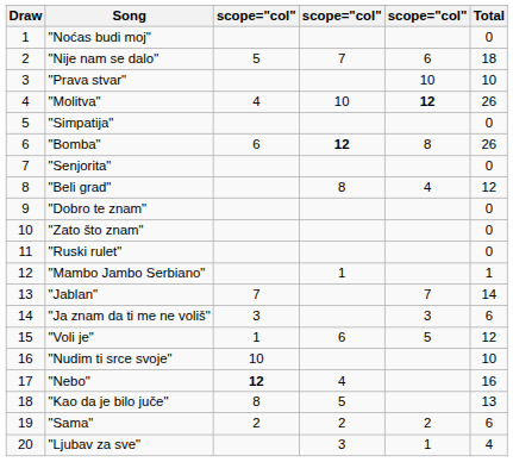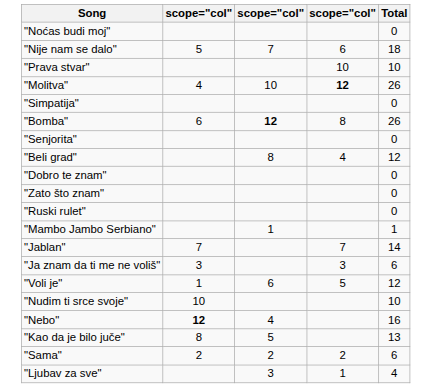 <table class="wikitable collapsible" style="margin: 1em auto 1em auto; text-align:center;">
 <tr>
-<th>Draw</th>
 <th>Song</th>
 <th>scope="col" </th>
 <th>scope="col" </th>
 <th>scope="col" </th>
 <th>Total</th>
 </tr>
 <tr>
-<td>1</td>
 <td align="left">"Noćas budi moj"</td>
 <td></td>
 <td></td>
 <td></td>
 <td>0</td>
 </tr>
 <tr>
-<td>2</td>
 <td align="left">"Nije nam se dalo"</td>
 <td>5</td>
 <td>7</td>
 <td>6</td>
 <td>18</td>
 </tr>
 <tr>
-<td>3</td>
 <td align="left">"Prava stvar"</td>
 <td></td>
 <td></td>
 <td>10</td>
 <td>10</td>
 </tr>
 <tr>
-<td>4</td>
 <td align="left">"Molitva"</td>
 <td>4</td>
 <td>10</td>
 <td><strong>12</strong></td>
 <td>26</td>
 </tr>
 <tr>
-<td>5</td>
 <td align="left">"Simpatija"</td>
 <td></td>
 <td></td>
 <td></td>
 <td>0</td>
 </tr>
 <tr>
-<td>6</td>
 <td align="left">"Bomba"</td>
 <td>6</td>
 <td><strong>12</strong></td>
 <td>8</td>
 <td>26</td>
 </tr>
 <tr>
-<td>7</td>
 <td align="left">"Senjorita"</td>
 <td></td>
 <td></td>
 <td></td>
 <td>0</td>
 </tr>
 <tr>
-<td>8</td>
 <td align="left">"Beli grad"</td>
 <td></td>
 <td>8</td>
 <td>4</td>
 <td>12</td>
 </tr>
 <tr>
-<td>9</td>
 <td align="left">"Dobro te znam"</td>
 <td></td>
 <td></td>
 <td></td>
 <td>0</td>
 </tr>
 <tr>
-<td>10</td>
 <td align="left">"Zato što znam"</td>
 <td></td>
 <td></td>
 <td></td>
 <td>0</td>
 </tr>
 <tr>
-<td>11</td>
 <td align="left">"Ruski rulet"</td>
 <td></td>
 <td></td>
 <td></td>
 <td>0</td>
 </tr>
 <tr>
-<td>12</td>
 <td align="left">"Mambo Jambo Serbiano"</td>
 <td></td>
 <td>1</td>
 <td></td>
 <td>1</td>
 </tr>
 <tr>
-<td>13</td>
 <td align="left">"Jablan"</td>
 <td>7</td>
 <td></td>
 <td>7</td>
 <td>14</td>
 </tr>
 <tr>
-<td>14</td>
 <td align="left">"Ja znam da ti me ne voliš"</td>
 <td>3</td>
 <td></td>
 <td>3</td>
 <td>6</td>
 </tr>
 <tr>
-<td>15</td>
 <td align="left">"Voli je"</td>
 <td>1</td>
 <td>6</td>
 <td>5</td>
 <td>12</td>
 </tr>
 <tr>
-<td>16</td>
 <td align="left">"Nudim ti srce svoje"</td>
 <td>10</td>
 <td></td>
 <td></td>
 <td>10</td>
 </tr>
 <tr>
-<td>17</td>
 <td align="left">"Nebo"</td>
 <td><strong>12</strong></td>
 <td>4</td>
 <td></td>
 <td>16</td>
 </tr>
 <tr>
-<td>18</td>
 <td align="left">"Kao da je bilo juče"</td>
 <td>8</td>
 <td>5</td>
 <td></td>
 <td>13</td>
 </tr>
 <tr>
-<td>19</td>
 <td align="left">"Sama"</td>
 <td>2</td>
 <td>2</td>
 <td>2</td>
 <td>6</td>
 </tr>
 <tr>
-<td>20</td>
 <td align="left">"Ljubav za sve"</td>
 <td></td>
 <td>3</td>
 <td>1</td>
 <td>4</td>
 </tr>
 </table>
